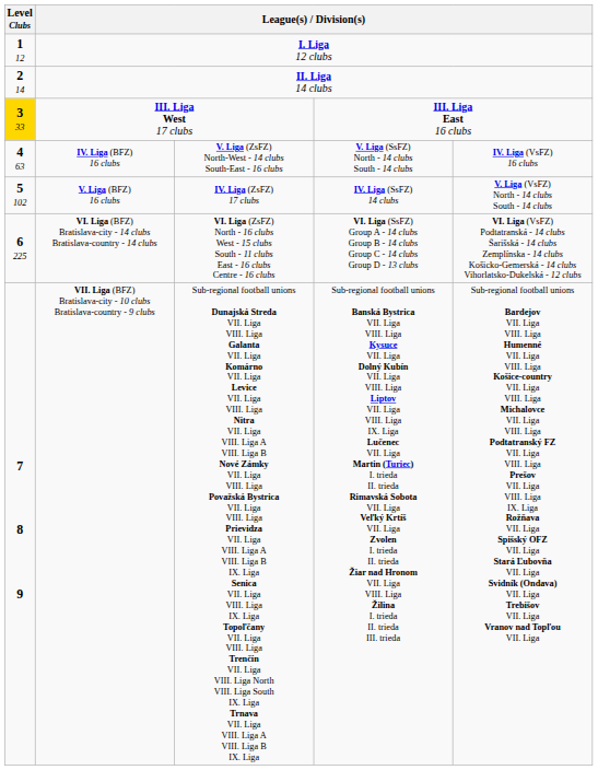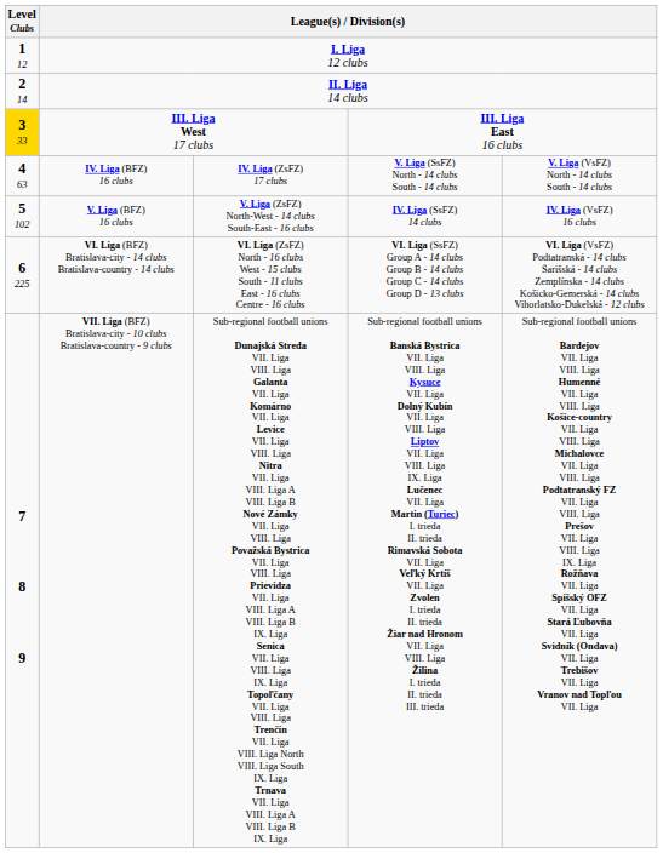 <table class="wikitable" style="text-align: center;">
 <tr>
 <th width="4%">Level<br><small><em>Clubs</em></small></th>
 <th colspan="4" width="96%">League(s) / Division(s)</th>
 </tr>
 <tr>
 <td width="4%"><big><strong>1</strong></big><br><small><em>12</em></small></td>
 <td colspan="4" width="96%"><strong><a href='#'>I. Liga</a></strong><br><em>12 clubs</em></td>
 </tr>
 <tr>
 <td width="4%"><big><strong>2</strong></big><br><small><em>14</em></small></td>
 <td colspan="4" width="96%"><strong><a href='#'>II. Liga</a></strong><br><em>14 clubs</em></td>
 </tr>
 <tr>
 <td width="4%" style="background: gold;"><big><strong>3</strong></big><br><small><em>33</em></small></td>
 <td colspan="2" width="48%"><strong><a href='#'>III. Liga</a></strong><br><strong>West</strong><br><em>17 clubs</em></td>
 <td colspan="2" width="48%"><strong><a href='#'>III. Liga</a></strong><br><strong>East</strong><br><em>16 clubs</em></td>
 </tr>
 <tr>
 <td width="4%"><big><strong>4</strong></big><br><small><em>63</em></small></td>
 <td width="24%" style="font-size: smaller;"><strong><a href='#'>IV. Liga</a></strong> (BFZ)<br><em>16 clubs</em></td>
-<td width="24%" style="font-size: smaller;"><strong><a href='#'>V. Liga</a></strong> (ZsFZ)<br>North-West - <em>14 clubs</em><br>South-East - <em>16 clubs</em></td>
+<td width="24%" style="font-size: smaller;"><strong><a href='#'>IV. Liga</a></strong> (ZsFZ)<br><em>17 clubs</em></td>
 <td width="24%" style="font-size: smaller;"><strong><a href='#'>V. Liga</a></strong> (SsFZ)<br>North - <em>14 clubs</em><br>South - <em>14 clubs</em></td>
-<td width="24%" style="font-size: smaller;"><strong><a href='#'>IV. Liga</a></strong> (VsFZ)<br><em>16 clubs</em></td>
+<td width="24%" style="font-size: smaller;"><strong><a href='#'>V. Liga</a></strong> (VsFZ)<br>North - <em>14 clubs</em><br>South - <em>14 clubs</em></td>
 </tr>
 <tr>
 <td width="4%"><big><strong>5</strong></big><br><small><em>102</em></small></td>
 <td width="24%" style="font-size: smaller;"><strong><a href='#'>V. Liga</a></strong> (BFZ)<br><em>16 clubs</em></td>
-<td width="24%" style="font-size: smaller;"><strong><a href='#'>IV. Liga</a></strong> (ZsFZ)<br><em>17 clubs</em></td>
+<td width="24%" style="font-size: smaller;"><strong><a href='#'>V. Liga</a></strong> (ZsFZ)<br>North-West - <em>14 clubs</em><br>South-East - <em>16 clubs</em></td>
 <td width="24%" style="font-size: smaller;"><strong><a href='#'>IV. Liga</a></strong> (SsFZ)<br><em>14 clubs</em></td>
-<td width="24%" style="font-size: smaller;"><strong><a href='#'>V. Liga</a></strong> (VsFZ)<br>North - <em>14 clubs</em><br>South - <em>14 clubs</em></td>
+<td width="24%" style="font-size: smaller;"><strong><a href='#'>IV. Liga</a></strong> (VsFZ)<br><em>16 clubs</em></td>
 </tr>
 <tr>
 <td width="4%"><big><strong>6</strong></big><br><small><em>225</em></small></td>
 <td width="24%" style="font-size: smaller;" valign="top"><strong>VI. Liga</strong> (BFZ)<br>Bratislava-city - <em>14 clubs</em><br>Bratislava-country - <em>14 clubs</em></td>
 <td width="24%" style="font-size: smaller;" valign="top"><strong>VI. Liga</strong> (ZsFZ)<br>North - <em>16 clubs</em><br>West - <em>15 clubs</em><br>South - <em>11 clubs</em><br>East - <em>16 clubs</em> <br>Centre - <em>16 clubs</em></td>
 <td width="24%" style="font-size: smaller;" valign="top"><strong>VI. Liga</strong> (SsFZ)<br>Group A - <em>14 clubs</em><br>Group B - <em>14 clubs</em><br>Group C - <em>14 clubs</em><br>Group D - <em>13 clubs</em></td>
 <td width="24%" style="font-size: smaller;" valign="top"><strong>VI. Liga</strong> (VsFZ)<br>Podtatranská - <em>14 clubs</em><br>Šarišská - <em>14 clubs</em><br>Zemplínska - <em>14 clubs</em><br>Košicko-Gemerská - <em>14 clubs</em><br>Vihorlatsko-Dukelská - <em>12 clubs</em></td>
 </tr>
 <tr>
 <td width="4%"><br><big><strong>7</strong></big><br><br><br><br><br> <big><strong>8</strong></big><br><br><br><br><br> <big><strong>9</strong></big></td>
 <td width="24%" style="font-size: smaller;" valign="top"><strong>VII. Liga</strong> (BFZ)<br>Bratislava-city - <em>10 clubs</em><br>Bratislava-country - <em>9 clubs</em></td>
 <td width="24%" style="font-size: smaller;" valign="top">Sub-regional football unions<br><br><strong>Dunajská Streda</strong><br>VII. Liga<br>VIII. Liga<br> <strong>Galanta</strong><br>VII. Liga<br> <strong>Komárno</strong><br>VII. Liga<br> <strong>Levice</strong><br>VII. Liga<br>VIII. Liga<br> <strong>Nitra</strong><br>VII. Liga<br>VIII. Liga A<br>VIII. Liga B<br> <strong>Nové Zámky</strong><br>VII. Liga<br>VIII. Liga<br> <strong>Považská Bystrica</strong><br>VII. Liga<br>VIII. Liga<br> <strong>Prievidza</strong><br>VII. Liga<br>VIII. Liga A<br>VIII. Liga B<br>IX. Liga<br> <strong>Senica</strong><br>VII. Liga<br>VIII. Liga<br>IX. Liga<br> <strong>Topoľčany</strong><br>VII. Liga<br>VIII. Liga<br> <strong>Trenčín</strong><br>VII. Liga<br>VIII. Liga North<br>VIII. Liga South<br>IX. Liga<br> <strong>Trnava</strong><br>VII. Liga<br>VIII. Liga A<br>VIII. Liga B<br>IX. Liga</td>
 <td width="24%" style="font-size: smaller;" valign="top">Sub-regional football unions<br><br><strong>Banská Bystrica</strong><br>VII. Liga<br>VIII. Liga<br> <strong><a href='#'>Kysuce</a></strong><br>VII. Liga<br> <strong>Dolný Kubín</strong><br>VII. Liga<br>VIII. Liga<br> <strong><a href='#'>Liptov</a></strong><br>VII. Liga<br>VIII. Liga<br>IX. Liga<br> <strong>Lučenec</strong><br>VII. Liga<br> <strong>Martin (<a href='#'>Turiec</a>)</strong><br>I. trieda<br>II. trieda<br> <strong>Rimavská Sobota</strong><br>VII. Liga<br> <strong>Veľký Krtíš</strong><br>VII. Liga<br> <strong>Zvolen</strong><br>I. trieda<br>II. trieda<br> <strong>Žiar nad Hronom</strong><br>VII. Liga<br>VIII. Liga<br> <strong>Žilina</strong><br>I. trieda<br>II. trieda<br>III. trieda</td>
 <td width="24%" style="font-size: smaller;" valign="top">Sub-regional football unions<br><br><strong>Bardejov</strong><br>VII. Liga<br>VIII. Liga<br> <strong>Humenné</strong><br>VII. Liga<br>VIII. Liga<br> <strong>Košice-country</strong><br>VII. Liga<br>VIII. Liga<br> <strong>Michalovce</strong><br>VII. Liga<br>VIII. Liga<br> <strong>Podtatranský FZ</strong><br>VII. Liga<br>VIII. Liga<br> <strong>Prešov</strong><br>VII. Liga<br>VIII. Liga<br>IX. Liga<br> <strong>Rožňava</strong><br>VII. Liga<br> <strong>Spišský OFZ</strong><br>VII. Liga<br> <strong>Stará Ľubovňa</strong><br>VII. Liga<br> <strong>Svidník (Ondava)</strong><br>VII. Liga<br> <strong>Trebišov</strong><br>VII. Liga<br> <strong>Vranov nad Topľou</strong><br>VII. Liga</td>
 </tr>
 </table>
